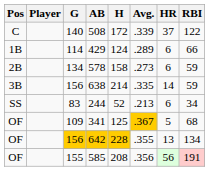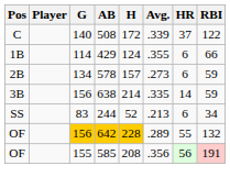 <table class="wikitable sortable" style="text-align:center;">
 <tr>
 <th>Pos</th>
 <th>Player</th>
 <th>G</th>
 <th>AB</th>
 <th>H</th>
 <th>Avg.</th>
 <th>HR</th>
 <th>RBI</th>
 </tr>
 <tr>
 <td>C</td>
 <td></td>
 <td>140</td>
 <td>508</td>
 <td>172</td>
 <td>.339</td>
 <td>37</td>
 <td>122</td>
 </tr>
 <tr>
 <td>1B</td>
 <td></td>
 <td>114</td>
 <td>429</td>
 <td>124</td>
-<td>.289</td>
+<td>.355</td>
 <td>6</td>
 <td>66</td>
 </tr>
 <tr>
 <td>2B</td>
 <td></td>
 <td>134</td>
 <td>578</td>
-<td>158</td>
+<td>157</td>
 <td>.273</td>
 <td>6</td>
 <td>59</td>
 </tr>
 <tr>
 <td>3B</td>
 <td></td>
 <td>156</td>
 <td>638</td>
 <td>214</td>
 <td>.335</td>
 <td>14</td>
 <td>59</td>
 </tr>
 <tr>
 <td>SS</td>
 <td></td>
 <td>83</td>
 <td>244</td>
 <td>52</td>
 <td>.213</td>
 <td>6</td>
 <td>34</td>
 </tr>
 <tr>
 <td>OF</td>
 <td></td>
-<td>109</td>
-<td>341</td>
-<td>125</td>
-<td style="background:#fc0;">.367</td>
-<td>5</td>
-<td>68</td>
-</tr>
-<tr>
-<td>OF</td>
-<td></td>
 <td style="background:#fc0;">156</td>
 <td style="background:#fc0;">642</td>
 <td style="background:#fc0;">228</td>
-<td>.355</td>
-<td>13</td>
-<td>134</td>
+<td>.289</td>
+<td>55</td>
+<td>132</td>
 </tr>
 <tr>
 <td>OF</td>
 <td></td>
 <td>155</td>
 <td>585</td>
 <td>208</td>
 <td>.356</td>
 <td style="background:#DDFFDD;">56</td>
 <td style="background:#ffcccc;">191</td>
 </tr>
 </table>
